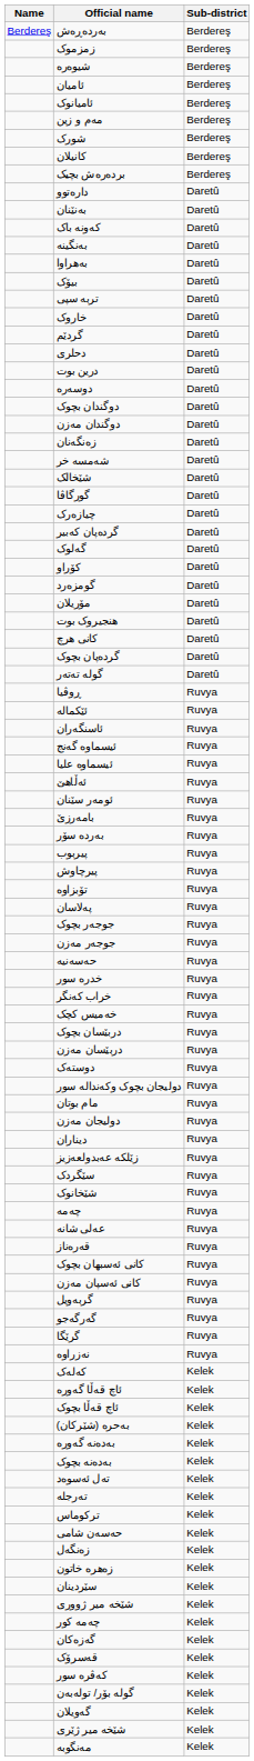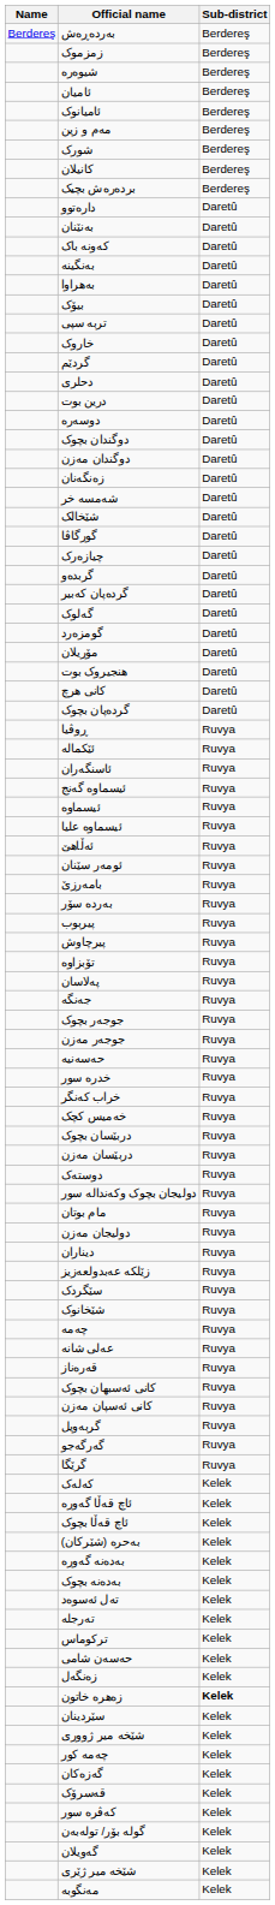 <table class="wikitable sortable">
 <tr>
 <th>Name</th>
 <th>Official name</th>
 <th>Sub-district</th>
 </tr>
 <tr ‌>
 <td><a href='#'>Berdereş</a></td>
 <td>به‌رده‌ڕه‌ش</td>
 <td>Berdereş</td>
 </tr>
 <tr>
 <td></td>
 <td>زمزموک</td>
 <td>Berdereş</td>
 </tr>
 <tr>
 <td></td>
 <td>شیوه‌ره‌</td>
 <td>Berdereş</td>
 </tr>
 <tr>
 <td></td>
 <td>ئامیان</td>
 <td>Berdereş</td>
 </tr>
 <tr>
 <td></td>
 <td>ئامیانوک</td>
 <td>Berdereş</td>
 </tr>
 <tr>
 <td></td>
 <td>مه‌م و زین</td>
 <td>Berdereş</td>
 </tr>
 <tr>
 <td></td>
 <td>شورک</td>
 <td>Berdereş</td>
 </tr>
 <tr>
 <td></td>
 <td>کانیلان</td>
 <td>Berdereş</td>
 </tr>
 <tr>
 <td></td>
 <td>برده‌ره‌ش بچیک</td>
 <td>Berdereş</td>
 </tr>
 <tr>
 <td></td>
 <td>داره‌توو</td>
 <td>Daretû</td>
 </tr>
 <tr>
 <td></td>
 <td>به‌نێنان</td>
 <td>Daretû</td>
 </tr>
 <tr>
 <td></td>
 <td>که‌ونه‌ باک</td>
 <td>Daretû</td>
 </tr>
 <tr>
 <td></td>
 <td>به‌نگینه‌</td>
 <td>Daretû</td>
 </tr>
 <tr>
 <td></td>
 <td>به‌هراوا</td>
 <td>Daretû</td>
 </tr>
 <tr>
 <td></td>
 <td>بیۆک</td>
 <td>Daretû</td>
 </tr>
 <tr>
 <td></td>
 <td>تربه‌ سپی</td>
 <td>Daretû</td>
 </tr>
 <tr>
 <td></td>
 <td>خاروک</td>
 <td>Daretû</td>
 </tr>
 <tr>
 <td></td>
 <td>گردێم</td>
 <td>Daretû</td>
 </tr>
 <tr>
 <td></td>
 <td>دحلری</td>
 <td>Daretû</td>
 </tr>
 <tr>
 <td></td>
 <td>درین بوت</td>
 <td>Daretû</td>
 </tr>
 <tr>
 <td></td>
 <td>دوسه‌ره‌</td>
 <td>Daretû</td>
 </tr>
 <tr>
 <td></td>
 <td>دوگندان بچوک</td>
 <td>Daretû</td>
 </tr>
 <tr>
 <td></td>
 <td>دوگندان مه‌زن</td>
 <td>Daretû</td>
 </tr>
 <tr>
 <td></td>
 <td>زه‌نگه‌نان</td>
 <td>Daretû</td>
 </tr>
 <tr>
 <td></td>
 <td>شه‌مسه‌ خر</td>
 <td>Daretû</td>
 </tr>
 <tr>
 <td></td>
 <td>شێخالک</td>
 <td>Daretû</td>
 </tr>
 <tr>
 <td></td>
 <td>گورگاڤا</td>
 <td>Daretû</td>
 </tr>
 <tr>
 <td></td>
 <td>چیازه‌رک</td>
 <td>Daretû</td>
 </tr>
 <tr>
 <td></td>
+<td>گربده‌و</td>
+<td>Daretû</td>
+</tr>
+<tr>
+<td></td>
 <td>گرده‌پان که‌بیر</td>
 <td>Daretû</td>
 </tr>
 <tr>
 <td></td>
 <td>گه‌لوک</td>
-<td>Daretû</td>
-</tr>
-<tr>
-<td></td>
-<td>کۆراو</td>
 <td>Daretû</td>
 </tr>
 <tr>
 <td></td>
 <td>گومزه‌رد</td>
 <td>Daretû</td>
 </tr>
 <tr>
 <td></td>
 <td>مۆریلان</td>
 <td>Daretû</td>
 </tr>
 <tr>
 <td></td>
 <td>هنجیروک بوت</td>
 <td>Daretû</td>
 </tr>
 <tr>
 <td></td>
 <td>کانی هرچ</td>
 <td>Daretû</td>
 </tr>
 <tr>
 <td></td>
 <td>گرده‌پان بچوک</td>
 <td>Daretû</td>
 </tr>
 <tr>
 <td></td>
-<td>گوله‌ ته‌ته‌ر</td>
-<td>Daretû</td>
-</tr>
-<tr>
-<td></td>
 <td>ڕوڤیا</td>
 <td>Ruvya</td>
 </tr>
 <tr>
 <td></td>
 <td>ئێکماله‌</td>
 <td>Ruvya</td>
 </tr>
 <tr>
 <td></td>
 <td>ئاسنگه‌ران</td>
 <td>Ruvya</td>
 </tr>
 <tr>
 <td></td>
 <td>ئیسماوه‌ گه‌نج</td>
+<td>Ruvya</td>
+</tr>
+<tr>
+<td></td>
+<td>ئیسماوه‌</td>
 <td>Ruvya</td>
 </tr>
 <tr>
 <td></td>
 <td>ئیسماوه‌ علیا</td>
 <td>Ruvya</td>
 </tr>
 <tr>
 <td></td>
 <td>ئه‌ڵاهێ</td>
 <td>Ruvya</td>
 </tr>
 <tr>
 <td></td>
 <td>ئومه‌ر سێنان</td>
 <td>Ruvya</td>
 </tr>
 <tr>
 <td></td>
 <td>بامه‌رزێ</td>
 <td>Ruvya</td>
 </tr>
 <tr>
 <td></td>
 <td>به‌رده‌ سۆر</td>
 <td>Ruvya</td>
 </tr>
 <tr>
 <td></td>
 <td>پیربوب</td>
 <td>Ruvya</td>
 </tr>
 <tr>
 <td></td>
 <td>پیرچاوش</td>
 <td>Ruvya</td>
 </tr>
 <tr>
 <td></td>
 <td>تۆبزاوه‌</td>
 <td>Ruvya</td>
 </tr>
 <tr>
 <td></td>
 <td>په‌لاسان</td>
+<td>Ruvya</td>
+</tr>
+<tr>
+<td></td>
+<td>جه‌نگه‌</td>
 <td>Ruvya</td>
 </tr>
 <tr>
 <td></td>
 <td>جوجه‌ر بچوک</td>
 <td>Ruvya</td>
 </tr>
 <tr>
 <td></td>
 <td>جوجه‌ر مه‌زن</td>
 <td>Ruvya</td>
 </tr>
 <tr>
 <td></td>
 <td>حه‌سه‌نیه‌</td>
 <td>Ruvya</td>
 </tr>
 <tr>
 <td></td>
 <td>خدره‌ سور</td>
 <td>Ruvya</td>
 </tr>
 <tr>
 <td></td>
 <td>خراب که‌نگر</td>
 <td>Ruvya</td>
 </tr>
 <tr>
 <td></td>
 <td>خه‌میس کچک</td>
 <td>Ruvya</td>
 </tr>
 <tr>
 <td></td>
 <td>دربێسان بچوک</td>
 <td>Ruvya</td>
 </tr>
 <tr>
 <td></td>
 <td>دربێسان مه‌زن</td>
 <td>Ruvya</td>
 </tr>
 <tr>
 <td></td>
 <td>دوسته‌ک</td>
 <td>Ruvya</td>
 </tr>
 <tr>
 <td></td>
 <td>دولیجان بچوک وکه‌نداله‌ سور</td>
 <td>Ruvya</td>
 </tr>
 <tr>
 <td></td>
 <td>مام بوتان</td>
 <td>Ruvya</td>
 </tr>
 <tr>
 <td></td>
 <td>دولیجان مه‌زن</td>
 <td>Ruvya</td>
 </tr>
 <tr>
 <td></td>
 <td>دیناران</td>
 <td>Ruvya</td>
 </tr>
 <tr>
 <td></td>
 <td>زێلکه‌ عه‌بدولعه‌زیز</td>
 <td>Ruvya</td>
 </tr>
 <tr>
 <td></td>
 <td>سێگردک</td>
 <td>Ruvya</td>
 </tr>
 <tr>
 <td></td>
 <td>شێخانوک</td>
 <td>Ruvya</td>
 </tr>
 <tr>
 <td></td>
 <td>چه‌مه‌</td>
 <td>Ruvya</td>
 </tr>
 <tr>
 <td></td>
 <td>عه‌لی شانه‌</td>
 <td>Ruvya</td>
 </tr>
 <tr>
 <td></td>
 <td>قه‌ره‌ناز</td>
 <td>Ruvya</td>
 </tr>
 <tr>
 <td></td>
 <td>کانی ئه‌سبهان بچوک</td>
 <td>Ruvya</td>
 </tr>
 <tr>
 <td></td>
 <td>کانی ئه‌سپان مه‌زن</td>
 <td>Ruvya</td>
 </tr>
 <tr>
 <td></td>
 <td>گربه‌ویل</td>
 <td>Ruvya</td>
 </tr>
 <tr>
 <td></td>
 <td>گه‌رگه‌جو</td>
 <td>Ruvya</td>
 </tr>
 <tr>
 <td></td>
 <td>گرێگا</td>
 <td>Ruvya</td>
 </tr>
 <tr>
 <td></td>
-<td>نه‌زراوه‌</td>
-<td>Ruvya</td>
-</tr>
-<tr>
-<td></td>
 <td>که‌له‌ک</td>
 <td>Kelek</td>
 </tr>
 <tr>
 <td></td>
 <td>ئاچ قه‌ڵا گه‌وره‌</td>
 <td>Kelek</td>
 </tr>
 <tr>
 <td></td>
 <td>ئاچ قه‌ڵا بچوک</td>
 <td>Kelek</td>
 </tr>
 <tr>
 <td></td>
 <td>(به‌حره‌ (شێرکان</td>
 <td>Kelek</td>
 </tr>
 <tr>
 <td></td>
 <td>به‌ده‌نه‌ گه‌وره‌</td>
 <td>Kelek</td>
 </tr>
 <tr>
 <td></td>
 <td>به‌ده‌نه‌ بچوک</td>
 <td>Kelek</td>
 </tr>
 <tr>
 <td></td>
 <td>ته‌ل ئه‌سوه‌د</td>
 <td>Kelek</td>
 </tr>
 <tr>
 <td></td>
 <td>ته‌رجله‌</td>
 <td>Kelek</td>
 </tr>
 <tr>
 <td></td>
 <td>ترکوماس</td>
 <td>Kelek</td>
 </tr>
 <tr>
 <td></td>
 <td>حه‌سه‌ن شامی</td>
 <td>Kelek</td>
 </tr>
 <tr>
 <td></td>
 <td>زه‌نگه‌ل</td>
 <td>Kelek</td>
 </tr>
 <tr>
 <td></td>
 <td>زه‌هره‌ خاتون</td>
-<td>Kelek</td>
+<td><strong>Kelek</strong></td>
 </tr>
 <tr>
 <td></td>
 <td>سێردینان</td>
 <td>Kelek</td>
 </tr>
 <tr>
 <td></td>
 <td>شێخه‌ میر ژووری</td>
 <td>Kelek</td>
 </tr>
 <tr>
 <td></td>
 <td>چه‌مه‌ کور</td>
 <td>Kelek</td>
 </tr>
 <tr>
 <td></td>
 <td>گه‌زه‌کان</td>
 <td>Kelek</td>
 </tr>
 <tr>
 <td></td>
 <td>قه‌سرۆک</td>
 <td>Kelek</td>
 </tr>
 <tr>
 <td></td>
 <td>که‌ڤره‌ سور</td>
 <td>Kelek</td>
 </tr>
 <tr>
 <td></td>
 <td>گوله‌ بۆر/ توله‌به‌ن</td>
 <td>Kelek</td>
 </tr>
 <tr>
 <td></td>
 <td>گه‌ویلان</td>
 <td>Kelek</td>
 </tr>
 <tr>
 <td></td>
 <td>شێخه‌ میر ژێری</td>
 <td>Kelek</td>
 </tr>
 <tr>
 <td></td>
 <td>مه‌نگوبه‌</td>
 <td>Kelek</td>
 </tr>
 </table>
